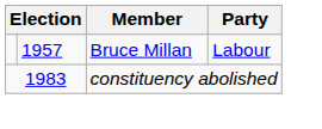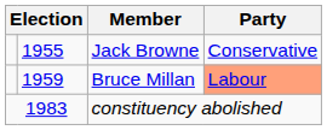 <table class="wikitable">
 <tr>
 <th colspan="2">Election</th>
 <th>Member</th>
 <th>Party</th>
 </tr>
 <tr>
 <td style="color:inherit;background-color: "></td>
-<td><a href='#'>1957</a></td>
+<td><a href='#'>1955</a></td>
+<td><a href='#'>Jack Browne</a></td>
+<td><a href='#'>Conservative</a></td>
+</tr>
+<tr>
+<td style="color:inherit;background-color: "></td>
+<td><a href='#'>1959</a></td>
 <td><a href='#'>Bruce Millan</a></td>
-<td><a href='#'>Labour</a></td>
+<td style="background: lightsalmon;"><a href='#'>Labour</a></td>
 </tr>
 <tr>
 <td colspan="2" align="center"><a href='#'>1983</a></td>
 <td colspan="2"><em>constituency abolished</em></td>
 </tr>
 </table>
